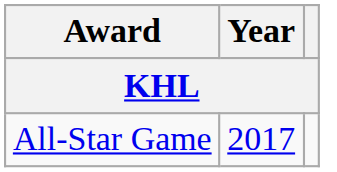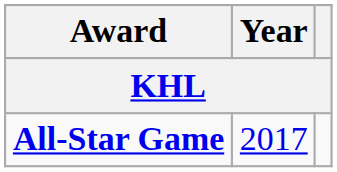 <table class="wikitable">
 <tr>
 <th>Award</th>
 <th>Year</th>
 <th></th>
 </tr>
 <tr>
 <th colspan="3"><a href='#'>KHL</a></th>
 </tr>
 <tr>
-<td><a href='#'>All-Star Game</a></td>
+<td><strong><a href='#'>All-Star Game</a></strong></td>
 <td><a href='#'>2017</a></td>
 <td></td>
 </tr>
 </table>
